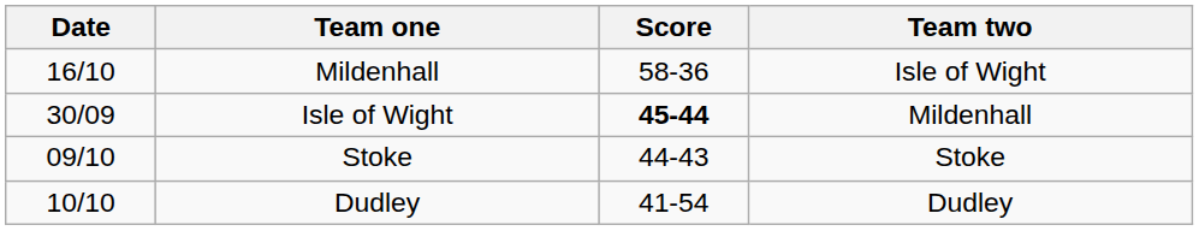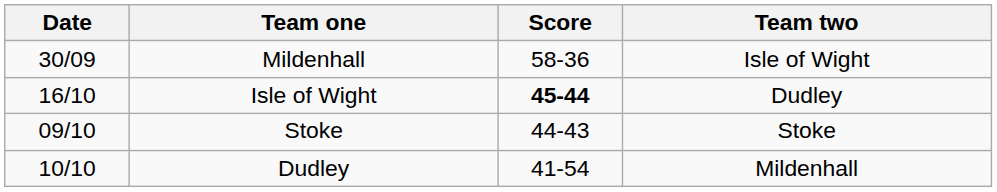 <table class="wikitable" style="text-align: center">
 <tr>
 <th width=80>Date</th>
 <th width=250>Team one</th>
 <th width=80>Score</th>
 <th width=250>Team two</th>
 </tr>
 <tr>
-<td>16/10</td>
+<td>30/09</td>
 <td>Mildenhall</td>
 <td>58-36</td>
 <td>Isle of Wight</td>
 </tr>
 <tr>
-<td>30/09</td>
+<td>16/10</td>
 <td>Isle of Wight</td>
 <td><strong>45-44</strong></td>
-<td>Mildenhall</td>
+<td>Dudley</td>
 </tr>
 <tr>
 <td>09/10</td>
 <td>Stoke</td>
 <td>44-43</td>
 <td>Stoke</td>
 </tr>
 <tr>
 <td>10/10</td>
 <td>Dudley</td>
 <td>41-54</td>
-<td>Dudley</td>
+<td>Mildenhall</td>
 </tr>
 </table>
